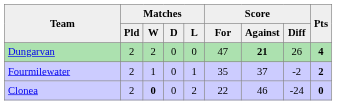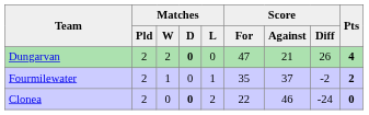 <table style=border-collapse:collapse border=1 cellspacing=0 cellpadding=5>
 <tr align=center bgcolor=#efefef>
 <th rowspan=2 width=165>Team</th>
 <th colspan=4>Matches</th>
 <th colspan=3>Score</th>
 <th rowspan=2width=20>Pts</th>
 </tr>
 <tr align=center bgcolor=#efefef>
 <th width=20>Pld</th>
 <th width=20>W</th>
 <th width=20>D</th>
 <th width=20>L</th>
 <th width=45>For</th>
 <th width=45>Against</th>
 <th width=30>Diff</th>
 </tr>
 <tr align=center  style="background:#ACE1AF;">
 <td style="text-align:left;"><a href='#'>Dungarvan</a></td>
 <td>2</td>
 <td>2</td>
-<td>0</td>
+<td><strong>0</strong></td>
 <td>0</td>
 <td>47</td>
-<td><strong>21</strong></td>
+<td>21</td>
 <td>26</td>
 <td><strong>4</strong></td>
 </tr>
 <tr align=center  style="background:#ccccff;">
 <td style="text-align:left;"><a href='#'>Fourmilewater</a></td>
 <td>2</td>
 <td>1</td>
 <td>0</td>
 <td>1</td>
 <td>35</td>
 <td>37</td>
 <td>-2</td>
 <td><strong>2</strong></td>
 </tr>
 <tr align=center style="background:#ccccff;">
 <td style="text-align:left;"><a href='#'>Clonea</a></td>
 <td>2</td>
+<td>0</td>
 <td><strong>0</strong></td>
-<td>0</td>
 <td>2</td>
 <td>22</td>
 <td>46</td>
 <td>-24</td>
 <td><strong>0</strong></td>
 </tr>
 </table>
